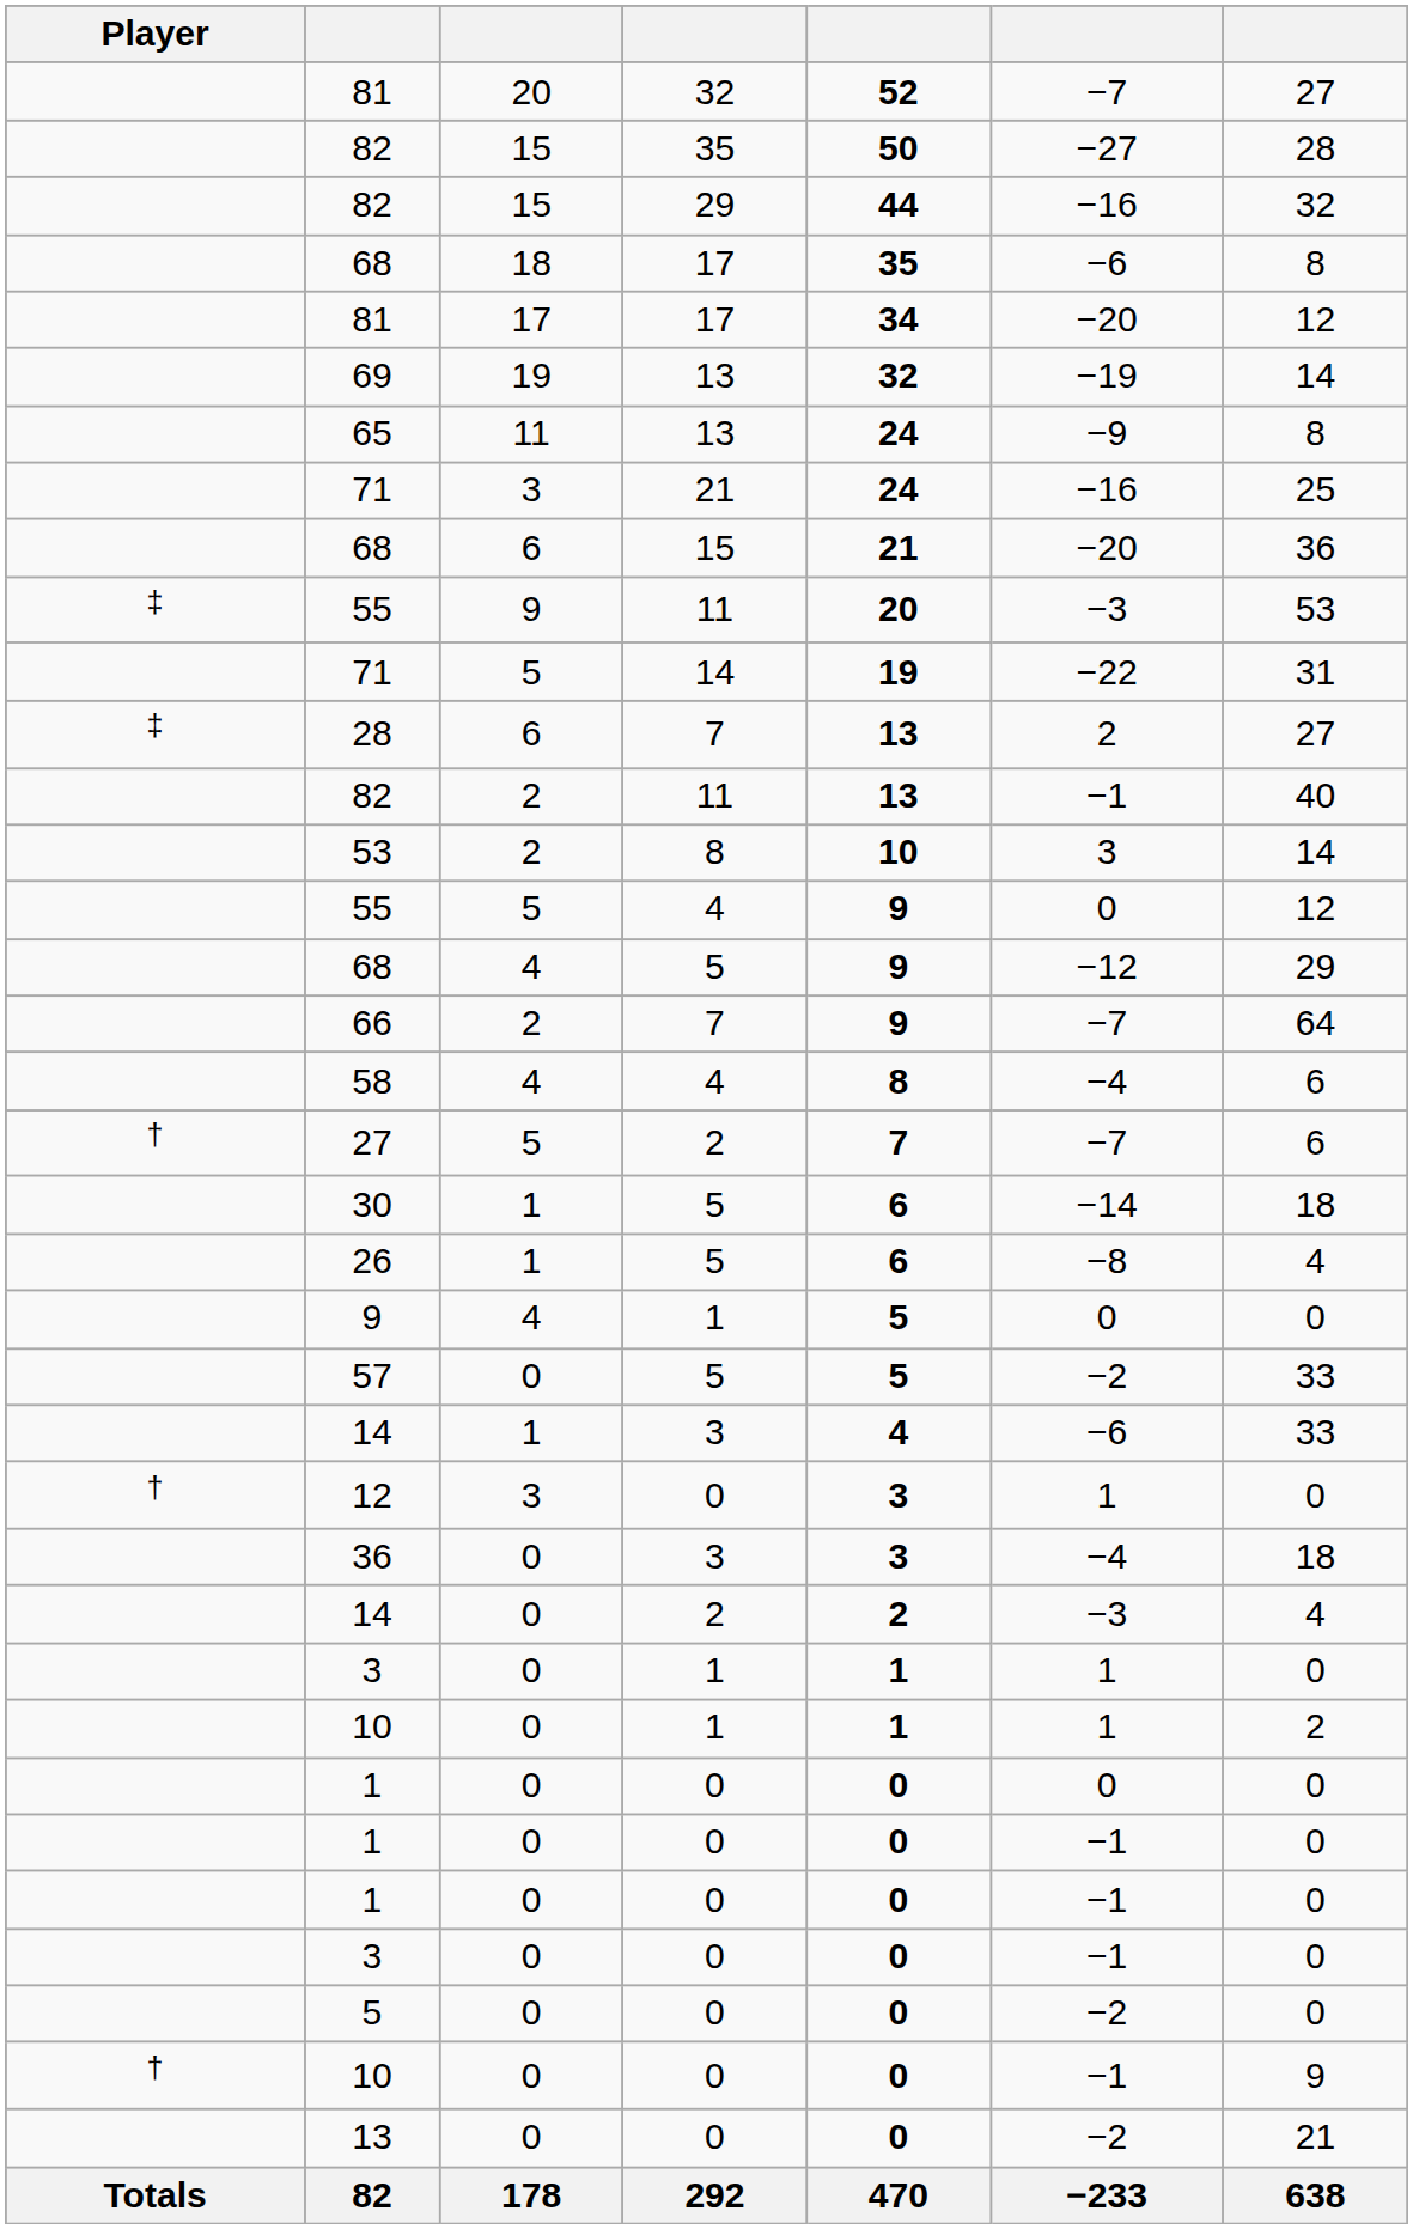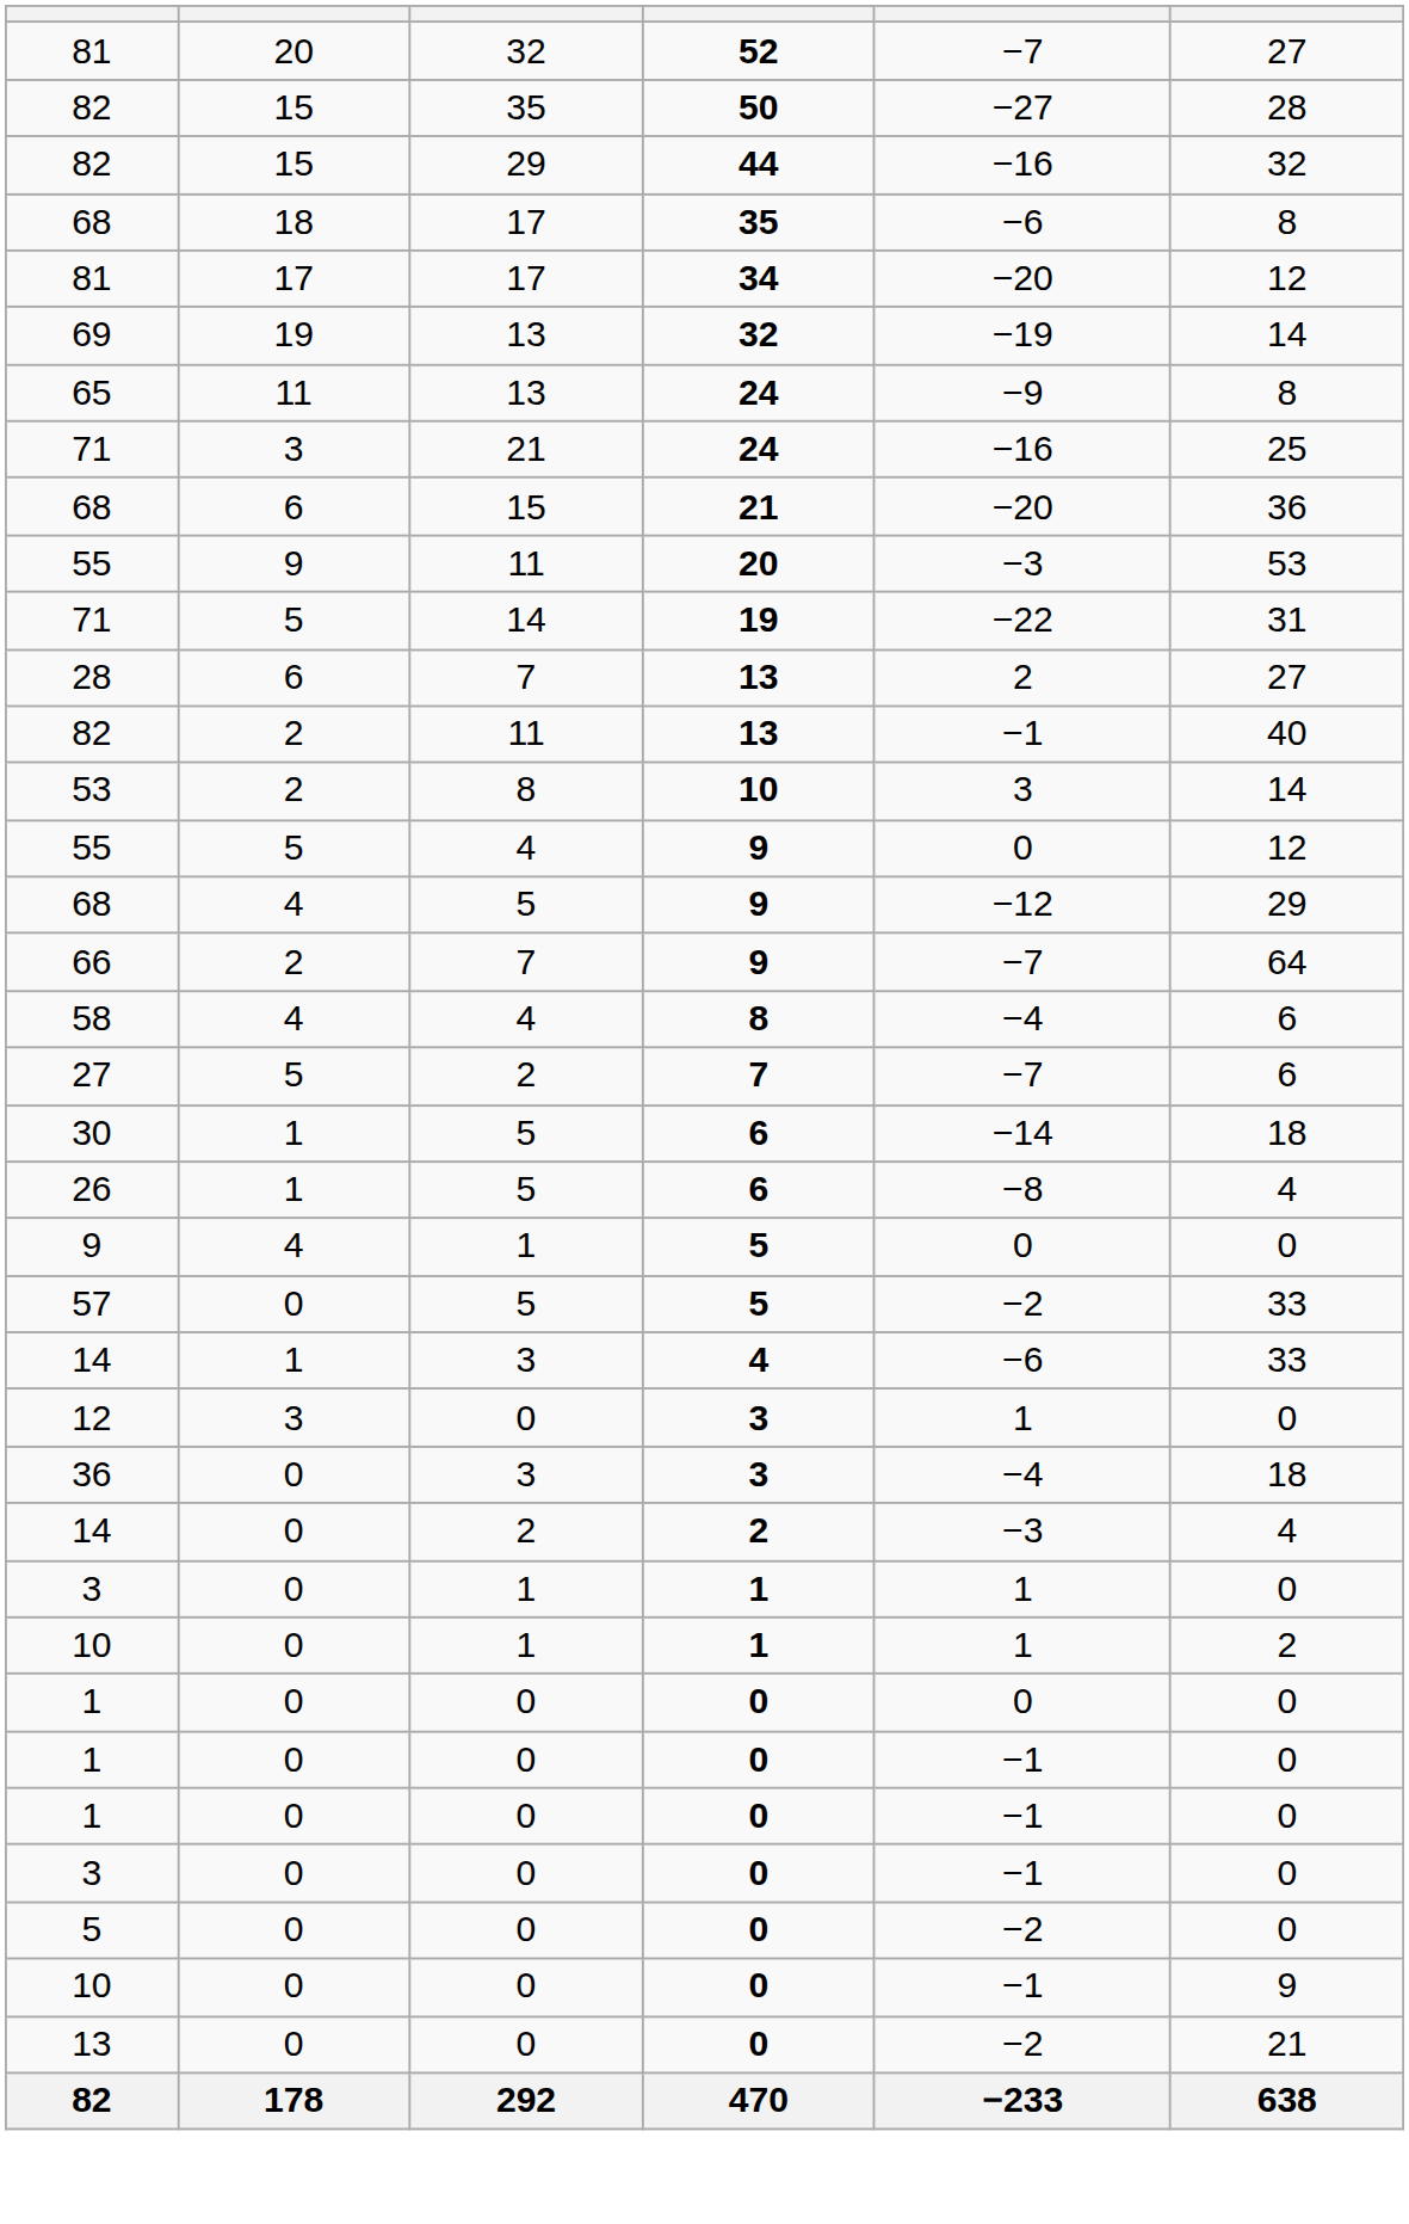 <table class="wikitable sortable" style="width:100%; text-align:center;">
 <tr>
-<th>Player</th>
 <th></th>
 <th></th>
 <th></th>
 <th></th>
 <th data-sort-type="number"></th>
 <th></th>
 </tr>
 <tr>
-<td></td>
 <td>81</td>
 <td>20</td>
 <td>32</td>
 <td><strong>52</strong></td>
 <td>−7</td>
 <td>27</td>
 </tr>
 <tr>
-<td></td>
 <td>82</td>
 <td>15</td>
 <td>35</td>
 <td><strong>50</strong></td>
 <td>−27</td>
 <td>28</td>
 </tr>
 <tr>
-<td></td>
 <td>82</td>
 <td>15</td>
 <td>29</td>
 <td><strong>44</strong></td>
 <td>−16</td>
 <td>32</td>
 </tr>
 <tr>
-<td></td>
 <td>68</td>
 <td>18</td>
 <td>17</td>
 <td><strong>35</strong></td>
 <td>−6</td>
 <td>8</td>
 </tr>
 <tr>
-<td></td>
 <td>81</td>
 <td>17</td>
 <td>17</td>
 <td><strong>34</strong></td>
 <td>−20</td>
 <td>12</td>
 </tr>
 <tr>
-<td></td>
 <td>69</td>
 <td>19</td>
 <td>13</td>
 <td><strong>32</strong></td>
 <td>−19</td>
 <td>14</td>
 </tr>
 <tr>
-<td></td>
 <td>65</td>
 <td>11</td>
 <td>13</td>
 <td><strong>24</strong></td>
 <td>−9</td>
 <td>8</td>
 </tr>
 <tr>
-<td></td>
 <td>71</td>
 <td>3</td>
 <td>21</td>
 <td><strong>24</strong></td>
 <td>−16</td>
 <td>25</td>
 </tr>
 <tr>
-<td></td>
 <td>68</td>
 <td>6</td>
 <td>15</td>
 <td><strong>21</strong></td>
 <td>−20</td>
 <td>36</td>
 </tr>
 <tr>
-<td><sup>‡</sup></td>
 <td>55</td>
 <td>9</td>
 <td>11</td>
 <td><strong>20</strong></td>
 <td>−3</td>
 <td>53</td>
 </tr>
 <tr>
-<td></td>
 <td>71</td>
 <td>5</td>
 <td>14</td>
 <td><strong>19</strong></td>
 <td>−22</td>
 <td>31</td>
 </tr>
 <tr>
-<td><sup>‡</sup></td>
 <td>28</td>
 <td>6</td>
 <td>7</td>
 <td><strong>13</strong></td>
 <td>2</td>
 <td>27</td>
 </tr>
 <tr>
-<td></td>
 <td>82</td>
 <td>2</td>
 <td>11</td>
 <td><strong>13</strong></td>
 <td>−1</td>
 <td>40</td>
 </tr>
 <tr>
-<td></td>
 <td>53</td>
 <td>2</td>
 <td>8</td>
 <td><strong>10</strong></td>
 <td>3</td>
 <td>14</td>
 </tr>
 <tr>
-<td></td>
 <td>55</td>
 <td>5</td>
 <td>4</td>
 <td><strong>9</strong></td>
 <td>0</td>
 <td>12</td>
 </tr>
 <tr>
-<td></td>
 <td>68</td>
 <td>4</td>
 <td>5</td>
 <td><strong>9</strong></td>
 <td>−12</td>
 <td>29</td>
 </tr>
 <tr>
-<td></td>
 <td>66</td>
 <td>2</td>
 <td>7</td>
 <td><strong>9</strong></td>
 <td>−7</td>
 <td>64</td>
 </tr>
 <tr>
-<td></td>
 <td>58</td>
 <td>4</td>
 <td>4</td>
 <td><strong>8</strong></td>
 <td>−4</td>
 <td>6</td>
 </tr>
 <tr>
-<td><sup>†</sup></td>
 <td>27</td>
 <td>5</td>
 <td>2</td>
 <td><strong>7</strong></td>
 <td>−7</td>
 <td>6</td>
 </tr>
 <tr>
-<td></td>
 <td>30</td>
 <td>1</td>
 <td>5</td>
 <td><strong>6</strong></td>
 <td>−14</td>
 <td>18</td>
 </tr>
 <tr>
-<td></td>
 <td>26</td>
 <td>1</td>
 <td>5</td>
 <td><strong>6</strong></td>
 <td>−8</td>
 <td>4</td>
 </tr>
 <tr>
-<td></td>
 <td>9</td>
 <td>4</td>
 <td>1</td>
 <td><strong>5</strong></td>
 <td>0</td>
 <td>0</td>
 </tr>
 <tr>
-<td></td>
 <td>57</td>
 <td>0</td>
 <td>5</td>
 <td><strong>5</strong></td>
 <td>−2</td>
 <td>33</td>
 </tr>
 <tr>
-<td></td>
 <td>14</td>
 <td>1</td>
 <td>3</td>
 <td><strong>4</strong></td>
 <td>−6</td>
 <td>33</td>
 </tr>
 <tr>
-<td><sup>†</sup></td>
 <td>12</td>
 <td>3</td>
 <td>0</td>
 <td><strong>3</strong></td>
 <td>1</td>
 <td>0</td>
 </tr>
 <tr>
-<td></td>
 <td>36</td>
 <td>0</td>
 <td>3</td>
 <td><strong>3</strong></td>
 <td>−4</td>
 <td>18</td>
 </tr>
 <tr>
-<td></td>
 <td>14</td>
 <td>0</td>
 <td>2</td>
 <td><strong>2</strong></td>
 <td>−3</td>
 <td>4</td>
 </tr>
 <tr>
-<td></td>
 <td>3</td>
 <td>0</td>
 <td>1</td>
 <td><strong>1</strong></td>
 <td>1</td>
 <td>0</td>
 </tr>
 <tr>
-<td></td>
 <td>10</td>
 <td>0</td>
 <td>1</td>
 <td><strong>1</strong></td>
 <td>1</td>
 <td>2</td>
 </tr>
 <tr>
-<td></td>
 <td>1</td>
 <td>0</td>
 <td>0</td>
 <td><strong>0</strong></td>
 <td>0</td>
 <td>0</td>
 </tr>
 <tr>
-<td></td>
 <td>1</td>
 <td>0</td>
 <td>0</td>
 <td><strong>0</strong></td>
 <td>−1</td>
 <td>0</td>
 </tr>
 <tr>
-<td></td>
 <td>1</td>
 <td>0</td>
 <td>0</td>
 <td><strong>0</strong></td>
 <td>−1</td>
 <td>0</td>
 </tr>
 <tr>
-<td></td>
 <td>3</td>
 <td>0</td>
 <td>0</td>
 <td><strong>0</strong></td>
 <td>−1</td>
 <td>0</td>
 </tr>
 <tr>
-<td></td>
 <td>5</td>
 <td>0</td>
 <td>0</td>
 <td><strong>0</strong></td>
 <td>−2</td>
 <td>0</td>
 </tr>
 <tr>
-<td><sup>†</sup></td>
 <td>10</td>
 <td>0</td>
 <td>0</td>
 <td><strong>0</strong></td>
 <td>−1</td>
 <td>9</td>
 </tr>
 <tr>
-<td></td>
 <td>13</td>
 <td>0</td>
 <td>0</td>
 <td><strong>0</strong></td>
 <td>−2</td>
 <td>21</td>
 </tr>
 <tr class="unsortable">
-<th>Totals</th>
 <th>82</th>
 <th>178</th>
 <th>292</th>
 <th>470</th>
 <th>−233</th>
 <th>638</th>
 </tr>
 </table>
